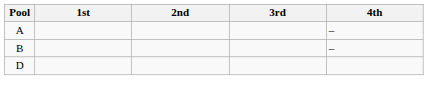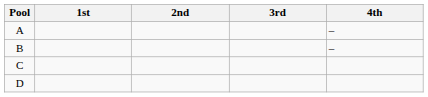 <table class="wikitable" style="text-align:left;">
 <tr>
 <th width=40>Pool</th>
 <th width=180>1st</th>
 <th width=180>2nd</th>
 <th width=180>3rd</th>
 <th width=180>4th</th>
 </tr>
 <tr>
 <td style="text-align:center">A</td>
 <td></td>
 <td></td>
 <td></td>
 <td>–</td>
 </tr>
 <tr>
 <td style="text-align:center">B</td>
 <td></td>
 <td></td>
 <td></td>
 <td>–</td>
 </tr>
 <tr>
+<td style="text-align:center">C</td>
+<td></td>
+<td></td>
+<td></td>
+<td></td>
+</tr>
+<tr>
 <td style="text-align:center">D</td>
 <td></td>
 <td></td>
 <td></td>
 <td></td>
 </tr>
 </table>
